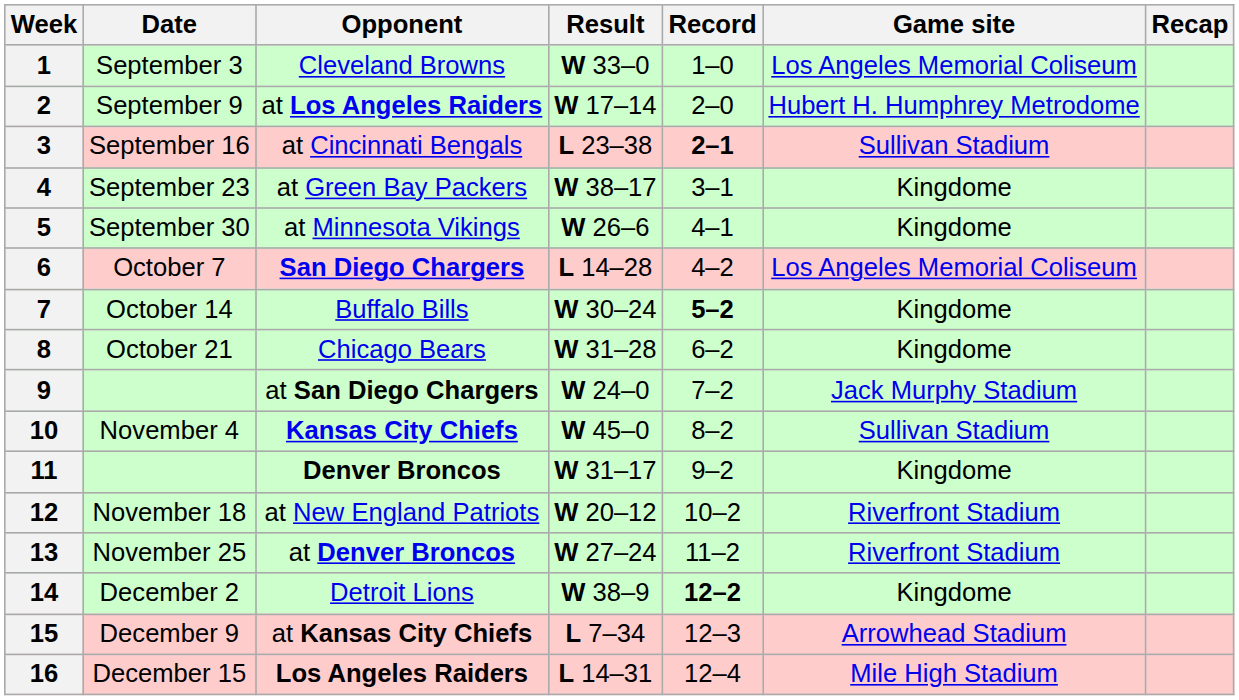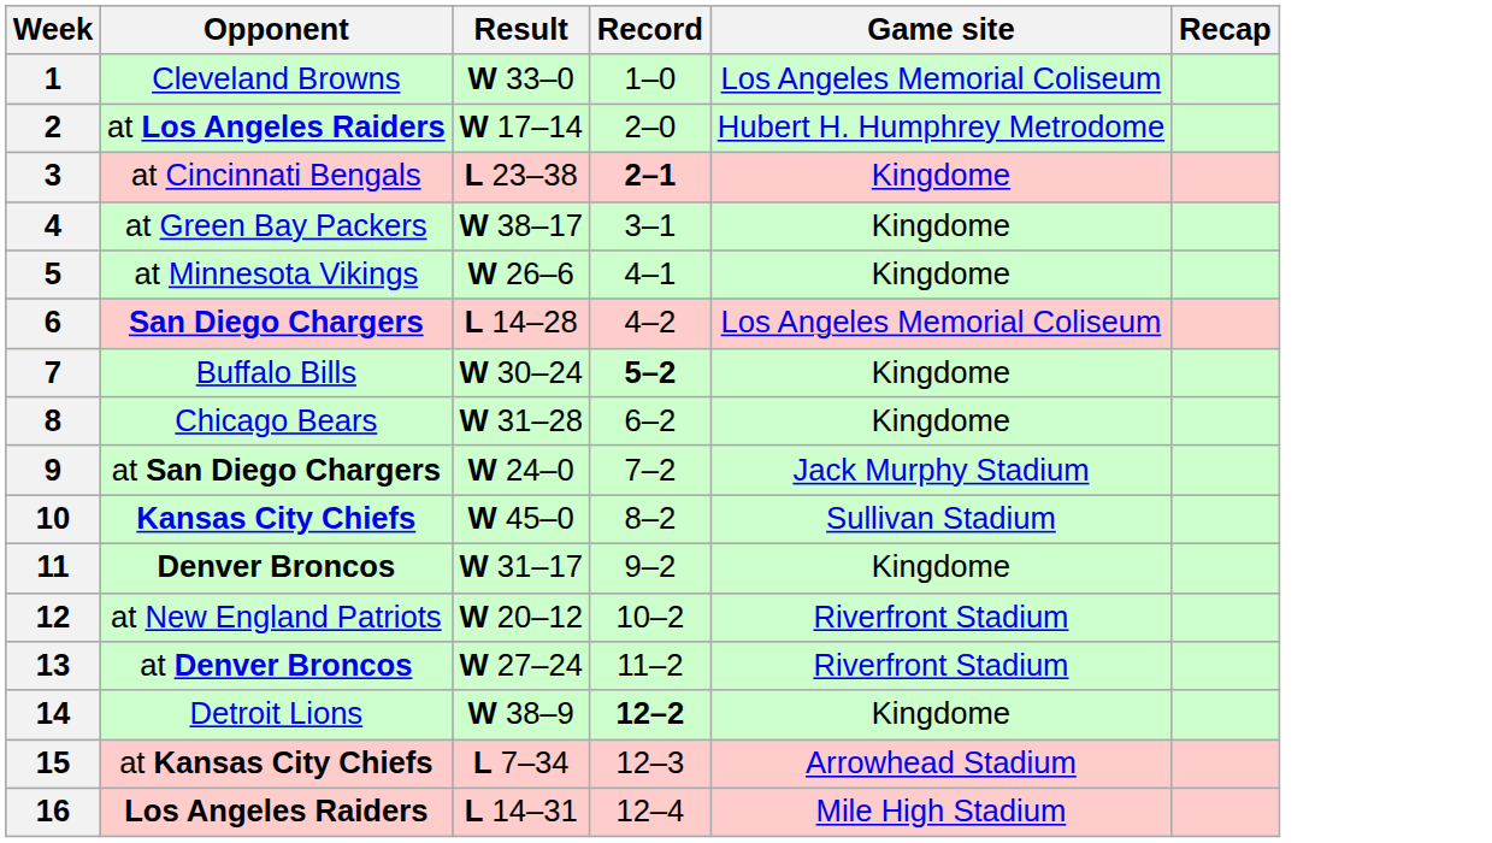 <table class="wikitable" style="text-align:center">
 <tr>
 <th>Week</th>
-<th>Date</th>
 <th>Opponent</th>
 <th>Result</th>
 <th>Record</th>
 <th>Game site</th>
 <th>Recap</th>
 </tr>
 <tr style="background:#cfc">
 <th>1</th>
-<td>September 3</td>
 <td><a href='#'>Cleveland Browns</a></td>
 <td><strong>W</strong> 33–0</td>
 <td>1–0</td>
 <td><a href='#'>Los Angeles Memorial Coliseum</a></td>
 <td></td>
 </tr>
 <tr style="background:#cfc">
 <th>2</th>
-<td>September 9</td>
 <td>at <strong><a href='#'>Los Angeles Raiders</a></strong></td>
 <td><strong>W</strong> 17–14</td>
 <td>2–0</td>
 <td><a href='#'>Hubert H. Humphrey Metrodome</a></td>
 <td></td>
 </tr>
 <tr style="background:#fcc">
 <th>3</th>
-<td>September 16</td>
 <td>at <a href='#'>Cincinnati Bengals</a></td>
 <td><strong>L</strong> 23–38</td>
 <td><strong>2–1</strong></td>
-<td><a href='#'>Sullivan Stadium</a></td>
+<td><a href='#'>Kingdome</a></td>
 <td></td>
 </tr>
 <tr style="background:#cfc">
 <th>4</th>
-<td>September 23</td>
 <td>at <a href='#'>Green Bay Packers</a></td>
 <td><strong>W</strong> 38–17</td>
 <td>3–1</td>
 <td>Kingdome</td>
 <td></td>
 </tr>
 <tr style="background:#cfc">
 <th>5</th>
-<td>September 30</td>
 <td>at <a href='#'>Minnesota Vikings</a></td>
 <td><strong>W</strong> 26–6</td>
 <td>4–1</td>
 <td>Kingdome</td>
 <td></td>
 </tr>
 <tr style="background:#fcc">
 <th>6</th>
-<td>October 7</td>
 <td><strong><a href='#'>San Diego Chargers</a></strong></td>
 <td><strong>L</strong> 14–28</td>
 <td>4–2</td>
 <td><a href='#'>Los Angeles Memorial Coliseum</a></td>
 <td></td>
 </tr>
 <tr style="background:#cfc">
 <th>7</th>
-<td>October 14</td>
 <td><a href='#'>Buffalo Bills</a></td>
 <td><strong>W</strong> 30–24</td>
 <td><strong>5–2</strong></td>
 <td>Kingdome</td>
 <td></td>
 </tr>
 <tr style="background:#cfc">
 <th>8</th>
-<td>October 21</td>
 <td><a href='#'>Chicago Bears</a></td>
 <td><strong>W</strong> 31–28</td>
 <td>6–2</td>
 <td>Kingdome</td>
 <td></td>
 </tr>
 <tr style="background:#cfc">
 <th>9</th>
-<td></td>
 <td>at <strong>San Diego Chargers</strong></td>
 <td><strong>W</strong> 24–0</td>
 <td>7–2</td>
 <td><a href='#'>Jack Murphy Stadium</a></td>
 <td></td>
 </tr>
 <tr style="background:#cfc">
 <th>10</th>
-<td>November 4</td>
 <td><strong><a href='#'>Kansas City Chiefs</a></strong></td>
 <td><strong>W</strong> 45–0</td>
 <td>8–2</td>
 <td><a href='#'>Sullivan Stadium</a></td>
 <td></td>
 </tr>
 <tr style="background:#cfc">
 <th>11</th>
-<td></td>
 <td><strong>Denver Broncos</strong></td>
 <td><strong>W</strong> 31–17</td>
 <td>9–2</td>
 <td>Kingdome</td>
 <td></td>
 </tr>
 <tr style="background:#cfc">
 <th>12</th>
-<td>November 18</td>
 <td>at <a href='#'>New England Patriots</a></td>
 <td><strong>W</strong> 20–12</td>
 <td>10–2</td>
 <td><a href='#'>Riverfront Stadium</a></td>
 <td></td>
 </tr>
 <tr style="background:#cfc">
 <th>13</th>
-<td>November 25</td>
 <td>at <strong><a href='#'>Denver Broncos</a></strong></td>
 <td><strong>W</strong> 27–24</td>
 <td>11–2</td>
 <td><a href='#'>Riverfront Stadium</a></td>
 <td></td>
 </tr>
 <tr style="background:#cfc">
 <th>14</th>
-<td>December 2</td>
 <td><a href='#'>Detroit Lions</a></td>
 <td><strong>W</strong> 38–9</td>
 <td><strong>12–2</strong></td>
 <td>Kingdome</td>
 <td></td>
 </tr>
 <tr style="background:#fcc">
 <th>15</th>
-<td>December 9</td>
 <td>at <strong>Kansas City Chiefs</strong></td>
 <td><strong>L</strong> 7–34</td>
 <td>12–3</td>
 <td><a href='#'>Arrowhead Stadium</a></td>
 <td></td>
 </tr>
 <tr style="background:#fcc">
 <th>16</th>
-<td>December 15</td>
 <td><strong>Los Angeles Raiders</strong></td>
 <td><strong>L</strong> 14–31</td>
 <td>12–4</td>
 <td><a href='#'>Mile High Stadium</a></td>
 <td></td>
 </tr>
 </table>
